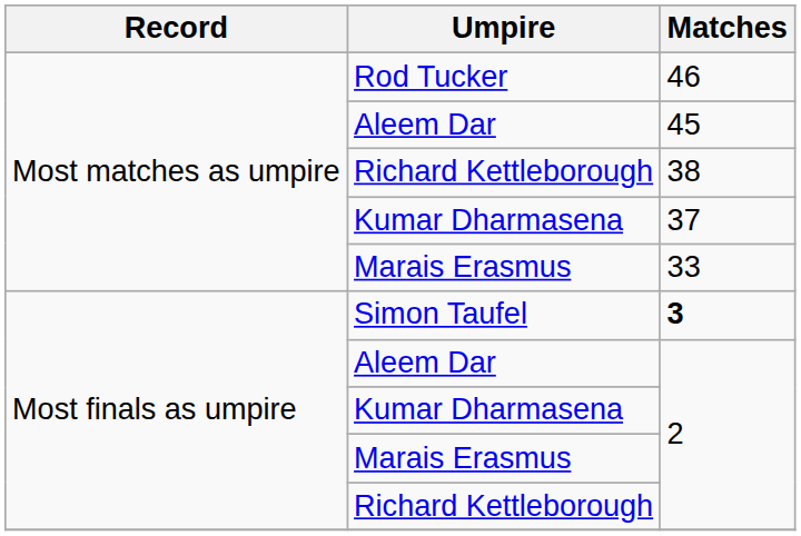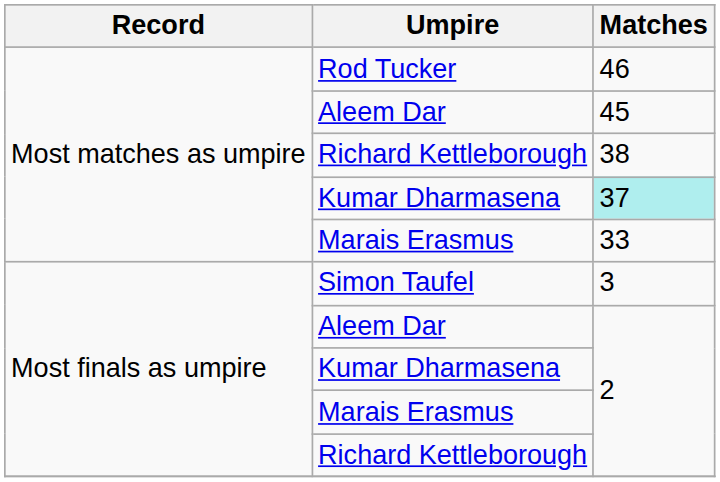 <table class="wikitable">
 <tr>
 <th>Record</th>
 <th>Umpire</th>
 <th>Matches</th>
 </tr>
 <tr>
 <td rowspan=5>Most matches as umpire</td>
 <td> <a href='#'>Rod Tucker</a></td>
 <td>46</td>
 </tr>
 <tr>
 <td> <a href='#'>Aleem Dar</a></td>
 <td>45</td>
 </tr>
 <tr>
 <td> <a href='#'>Richard Kettleborough</a></td>
 <td>38</td>
 </tr>
 <tr>
 <td> <a href='#'>Kumar Dharmasena</a></td>
-<td>37</td>
+<td style="background: paleturquoise;">37</td>
 </tr>
 <tr>
 <td> <a href='#'>Marais Erasmus</a></td>
 <td>33</td>
 </tr>
 <tr>
 <td rowspan=5>Most finals as umpire</td>
 <td> <a href='#'>Simon Taufel</a></td>
-<td><strong>3</strong></td>
+<td>3</td>
 </tr>
 <tr>
 <td> <a href='#'>Aleem Dar</a></td>
 <td rowspan=4>2</td>
 </tr>
 <tr>
 <td> <a href='#'>Kumar Dharmasena</a></td>
 </tr>
 <tr>
 <td> <a href='#'>Marais Erasmus</a></td>
 </tr>
 <tr>
 <td> <a href='#'>Richard Kettleborough</a></td>
 </tr>
 <tr>
 </tr>
 </table>
